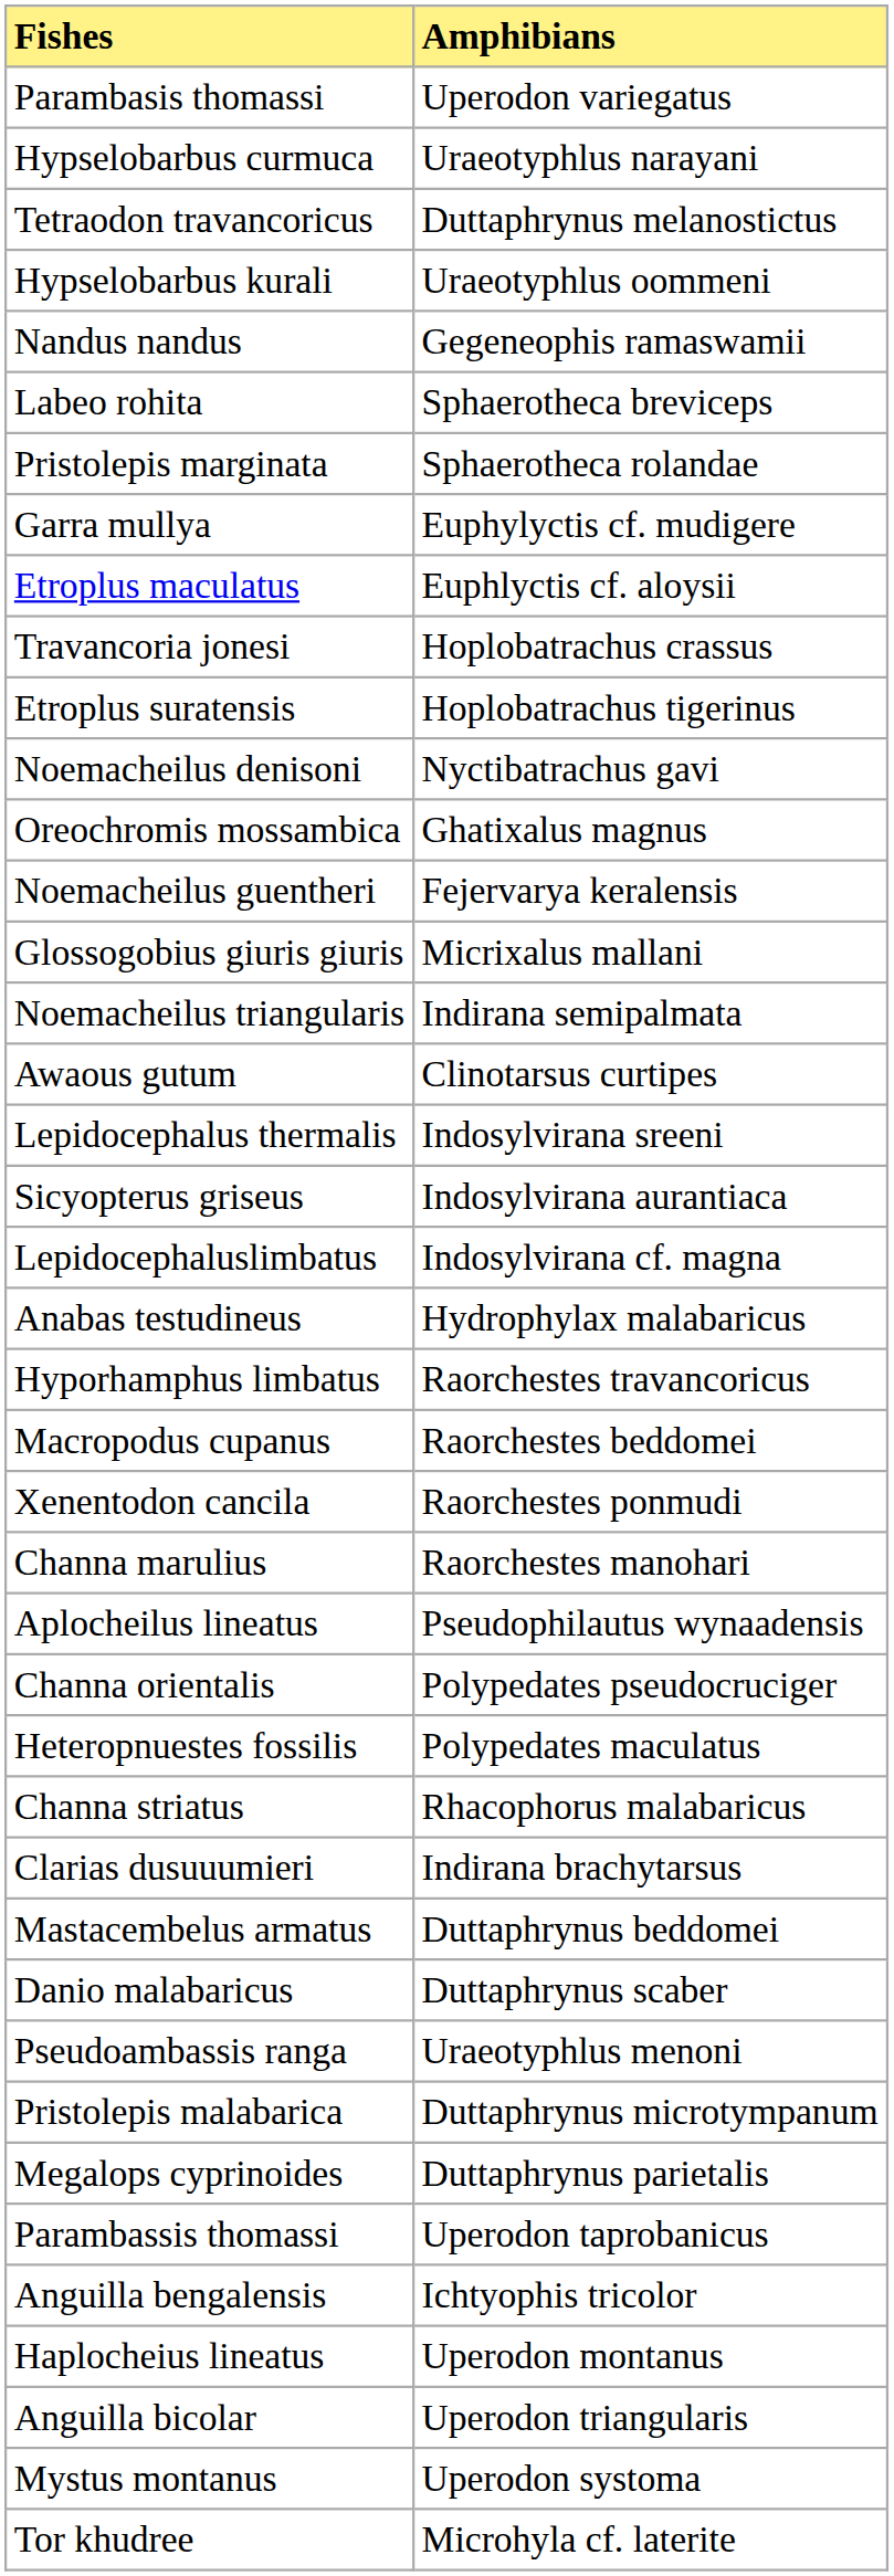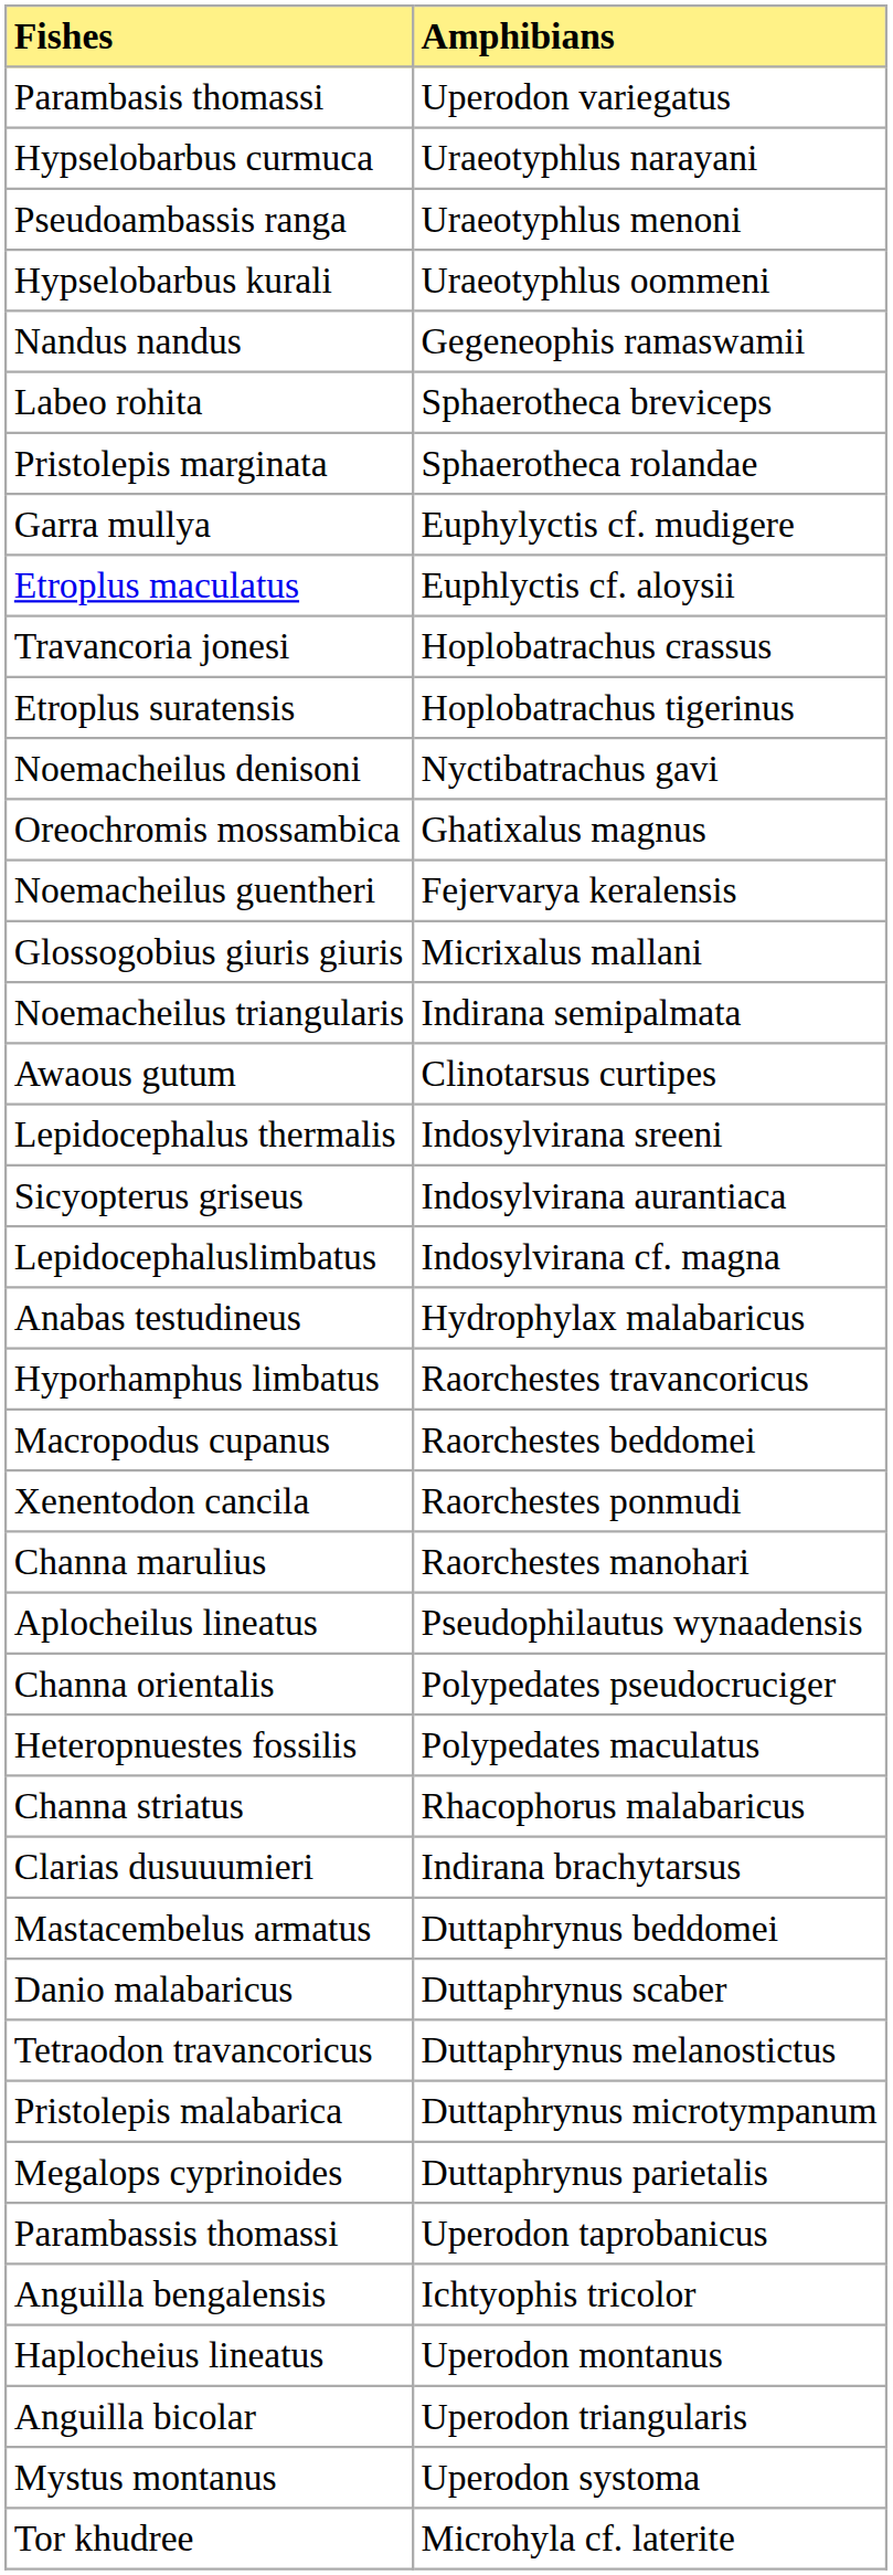 <table class="sortable" border="1" cellpadding="3" cellspacing="0" style="margin: 1em 1em 1em 0; background: #ffffff; border: 0px #aaa solid; border-collapse: collapse; font-size: 95%;">
 <tr bgcolor="#fff287" style="colour:#FFFFFF" align="centre">
 <td><strong>Fishes</strong></td>
 <td><strong>Amphibians</strong></td>
 </tr>
 <tr>
 <td>Parambasis thomassi</td>
 <td>Uperodon variegatus</td>
 </tr>
 <tr>
 <td>Hypselobarbus curmuca</td>
 <td>Uraeotyphlus narayani</td>
 </tr>
 <tr>
-<td>Tetraodon travancoricus</td>
-<td>Duttaphrynus melanostictus</td>
+<td>Pseudoambassis ranga</td>
+<td>Uraeotyphlus menoni</td>
 </tr>
 <tr>
 <td>Hypselobarbus kurali</td>
 <td>Uraeotyphlus oommeni</td>
 </tr>
 <tr>
 <td>Nandus nandus</td>
 <td>Gegeneophis ramaswamii</td>
 </tr>
 <tr>
 <td>Labeo rohita</td>
 <td>Sphaerotheca breviceps</td>
 </tr>
 <tr>
 <td>Pristolepis marginata</td>
 <td>Sphaerotheca rolandae</td>
 </tr>
 <tr>
 <td>Garra mullya</td>
 <td>Euphylyctis cf. mudigere</td>
 </tr>
 <tr>
 <td><a href='#'>Etroplus maculatus</a></td>
 <td>Euphlyctis cf. aloysii</td>
 </tr>
 <tr>
 <td>Travancoria jonesi</td>
 <td>Hoplobatrachus crassus</td>
 </tr>
 <tr>
 <td>Etroplus suratensis</td>
 <td>Hoplobatrachus tigerinus</td>
 </tr>
 <tr>
 <td>Noemacheilus denisoni</td>
 <td>Nyctibatrachus gavi</td>
 </tr>
 <tr>
 <td>Oreochromis mossambica</td>
 <td>Ghatixalus magnus</td>
 </tr>
 <tr>
 <td>Noemacheilus guentheri</td>
 <td>Fejervarya keralensis</td>
 </tr>
 <tr>
 <td>Glossogobius giuris giuris</td>
 <td>Micrixalus mallani</td>
 </tr>
 <tr>
 <td>Noemacheilus triangularis</td>
 <td>Indirana semipalmata</td>
 </tr>
 <tr>
 <td>Awaous gutum</td>
 <td>Clinotarsus curtipes</td>
 </tr>
 <tr>
 <td>Lepidocephalus thermalis</td>
 <td>Indosylvirana sreeni</td>
 </tr>
 <tr>
 <td>Sicyopterus griseus</td>
 <td>Indosylvirana aurantiaca</td>
 </tr>
 <tr>
 <td>Lepidocephaluslimbatus</td>
 <td>Indosylvirana cf. magna</td>
 </tr>
 <tr>
 <td>Anabas testudineus</td>
 <td>Hydrophylax malabaricus</td>
 </tr>
 <tr>
 <td>Hyporhamphus limbatus</td>
 <td>Raorchestes travancoricus</td>
 </tr>
 <tr>
 <td>Macropodus cupanus</td>
 <td>Raorchestes beddomei</td>
 </tr>
 <tr>
 <td>Xenentodon cancila</td>
 <td>Raorchestes ponmudi</td>
 </tr>
 <tr>
 <td>Channa marulius</td>
 <td>Raorchestes manohari</td>
 </tr>
 <tr>
 <td>Aplocheilus lineatus</td>
 <td>Pseudophilautus wynaadensis</td>
 </tr>
 <tr>
 <td>Channa orientalis</td>
 <td>Polypedates pseudocruciger</td>
 </tr>
 <tr>
 <td>Heteropnuestes fossilis</td>
 <td>Polypedates maculatus</td>
 </tr>
 <tr>
 <td>Channa striatus</td>
 <td>Rhacophorus malabaricus</td>
 </tr>
 <tr>
 <td>Clarias dusuuumieri</td>
 <td>Indirana brachytarsus</td>
 </tr>
 <tr>
 <td>Mastacembelus armatus</td>
 <td>Duttaphrynus beddomei</td>
 </tr>
 <tr>
 <td>Danio malabaricus</td>
 <td>Duttaphrynus scaber</td>
 </tr>
 <tr>
-<td>Pseudoambassis ranga</td>
-<td>Uraeotyphlus menoni</td>
+<td>Tetraodon travancoricus</td>
+<td>Duttaphrynus melanostictus</td>
 </tr>
 <tr>
 <td>Pristolepis malabarica</td>
 <td>Duttaphrynus microtympanum</td>
 </tr>
 <tr>
 <td>Megalops cyprinoides</td>
 <td>Duttaphrynus parietalis</td>
 </tr>
 <tr>
 <td>Parambassis thomassi</td>
 <td>Uperodon taprobanicus</td>
 </tr>
 <tr>
 <td>Anguilla bengalensis</td>
 <td>Ichtyophis tricolor</td>
 </tr>
 <tr>
 <td>Haplocheius lineatus</td>
 <td>Uperodon montanus</td>
 </tr>
 <tr>
 <td>Anguilla bicolar</td>
 <td>Uperodon triangularis</td>
 </tr>
 <tr>
 <td>Mystus montanus</td>
 <td>Uperodon systoma</td>
 </tr>
 <tr>
 <td>Tor khudree</td>
 <td>Microhyla cf. laterite</td>
 </tr>
 </table>
